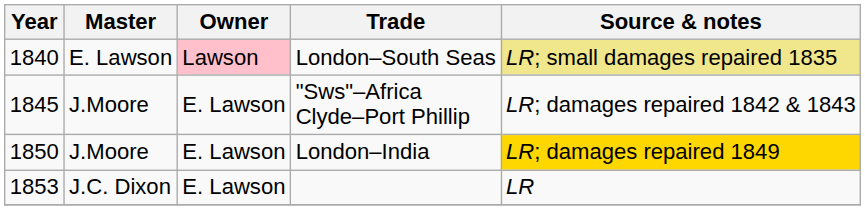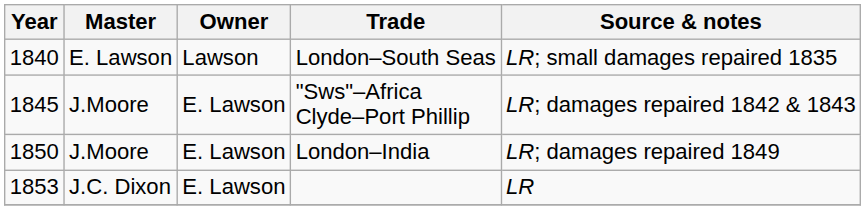 <table class="sortable wikitable">
 <tr>
 <th>Year</th>
 <th>Master</th>
 <th>Owner</th>
 <th>Trade</th>
 <th>Source & notes</th>
 </tr>
 <tr>
 <td>1840</td>
 <td>E. Lawson</td>
-<td style="background: pink;">Lawson</td>
+<td>Lawson</td>
 <td>London–South Seas</td>
-<td style="background: khaki;"><em>LR</em>; small damages repaired 1835</td>
+<td><em>LR</em>; small damages repaired 1835</td>
 </tr>
 <tr>
 <td>1845</td>
 <td>J.Moore</td>
 <td>E. Lawson</td>
 <td>"Sws"–Africa<br>Clyde–Port Phillip</td>
 <td><em>LR</em>; damages repaired 1842 & 1843</td>
 </tr>
 <tr>
 <td>1850</td>
 <td>J.Moore</td>
 <td>E. Lawson</td>
 <td>London–India</td>
-<td style="background: gold;"><em>LR</em>; damages repaired 1849</td>
+<td><em>LR</em>; damages repaired 1849</td>
 </tr>
 <tr>
 <td>1853</td>
 <td>J.C. Dixon</td>
 <td>E. Lawson</td>
 <td></td>
 <td><em>LR</em></td>
 </tr>
 <tr>
 </tr>
 </table>
